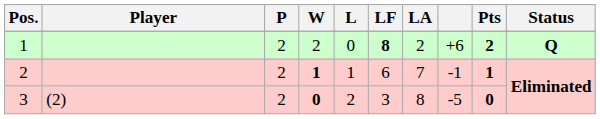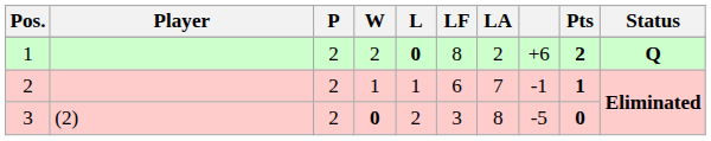 <table class="wikitable" style="text-align:center; margin: 1em auto 1em auto, align:left">
 <tr>
 <th width=25>Pos.</th>
 <th width=200>Player</th>
 <th width=25>P</th>
 <th width=25>W</th>
 <th width=25>L</th>
 <th width=25>LF</th>
 <th width=25>LA</th>
 <th width=25></th>
 <th width=25>Pts</th>
 <th width=75>Status</th>
 </tr>
 <tr>
 </tr>
 <tr style="background:#CCFFCC;">
 <td>1</td>
 <td align=left></td>
 <td>2</td>
 <td>2</td>
-<td>0</td>
-<td><strong>8</strong></td>
+<td><strong>0</strong></td>
+<td>8</td>
 <td>2</td>
 <td>+6</td>
 <td><strong>2</strong></td>
 <td><strong>Q</strong></td>
 </tr>
 <tr style="background:#FFCCCC;">
 <td>2</td>
 <td align=left></td>
 <td>2</td>
-<td><strong>1</strong></td>
+<td>1</td>
 <td>1</td>
 <td>6</td>
 <td>7</td>
 <td>-1</td>
 <td><strong>1</strong></td>
 <td rowspan=2><strong>Eliminated</strong></td>
 </tr>
 <tr style="background:#FFCCCC;">
 <td>3</td>
 <td align=left> (2)</td>
 <td>2</td>
 <td><strong>0</strong></td>
 <td>2</td>
 <td>3</td>
 <td>8</td>
 <td>-5</td>
 <td><strong>0</strong></td>
 </tr>
 </table>
